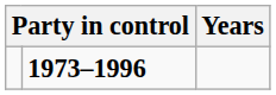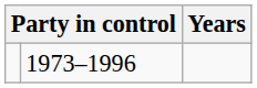 <table class="wikitable">
 <tr>
 <th colspan="2">Party in control</th>
 <th>Years</th>
 </tr>
 <tr>
 <td></td>
-<td><strong>1973–1996</strong></td>
+<td>1973–1996</td>
 </tr>
 </table>
